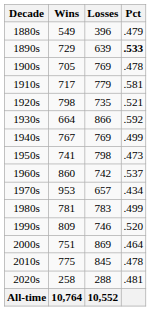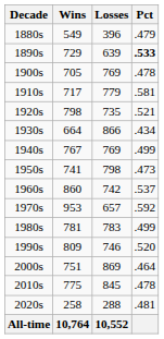 <table class="wikitable" style="text-align:center">
 <tr>
 <th style="text-align:center; ">Decade</th>
 <th style="text-align:center; ">Wins</th>
 <th style="text-align:center; ">Losses</th>
 <th style="text-align:center; ">Pct</th>
 </tr>
 <tr>
 <td>1880s</td>
 <td>549</td>
 <td>396</td>
 <td>.479</td>
 </tr>
 <tr>
 <td>1890s</td>
 <td>729</td>
 <td>639</td>
 <td><strong>.533</strong></td>
 </tr>
 <tr>
 <td>1900s</td>
 <td>705</td>
 <td>769</td>
 <td>.478</td>
 </tr>
 <tr>
 <td>1910s</td>
 <td>717</td>
 <td>779</td>
 <td>.581</td>
 </tr>
 <tr>
 <td>1920s</td>
 <td>798</td>
 <td>735</td>
 <td>.521</td>
 </tr>
 <tr>
 <td>1930s</td>
 <td>664</td>
 <td>866</td>
-<td>.592</td>
+<td>.434</td>
 </tr>
 <tr>
 <td>1940s</td>
 <td>767</td>
 <td>769</td>
 <td>.499</td>
 </tr>
 <tr>
 <td>1950s</td>
 <td>741</td>
 <td>798</td>
 <td>.473</td>
 </tr>
 <tr>
 <td>1960s</td>
 <td>860</td>
 <td>742</td>
 <td>.537</td>
 </tr>
 <tr>
 <td>1970s</td>
 <td>953</td>
 <td>657</td>
-<td>.434</td>
+<td>.592</td>
 </tr>
 <tr>
 <td>1980s</td>
 <td>781</td>
 <td>783</td>
 <td>.499</td>
 </tr>
 <tr>
 <td>1990s</td>
 <td>809</td>
 <td>746</td>
 <td>.520</td>
 </tr>
 <tr>
 <td>2000s</td>
 <td>751</td>
 <td>869</td>
 <td>.464</td>
 </tr>
 <tr>
 <td>2010s</td>
 <td>775</td>
 <td>845</td>
 <td>.478</td>
 </tr>
 <tr>
 <td>2020s</td>
 <td>258</td>
 <td>288</td>
 <td>.481</td>
 </tr>
 <tr style="background:#f0f0f0; font-weight:bold">
 <th style="text-align:center; ">All-time</th>
 <th style="text-align:center; ">10,764</th>
 <th style="text-align:center; ">10,552</th>
 <th style="text-align:center; "></th>
 </tr>
 </table>
